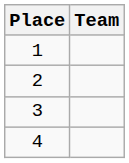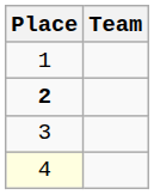 <table class="wikitable" style="text-align:center; padding-bottom:0;">
 <tr>
 <th>Place</th>
 <th style="text-align:left;">Team</th>
 </tr>
 <tr>
 <td>1</td>
 <td align=left></td>
 </tr>
 <tr>
-<td>2</td>
+<td><strong>2</strong></td>
 <td align=left></td>
 </tr>
 <tr>
 <td>3</td>
 <td align=left></td>
 </tr>
 <tr>
-<td>4</td>
+<td style="background: lightyellow;">4</td>
 <td align=left></td>
 </tr>
 </table>
